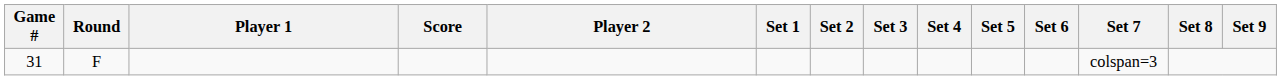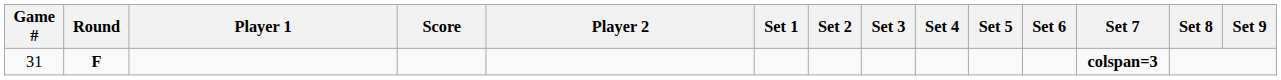 <table class="wikitable">
 <tr>
 <th width="2%">Game #</th>
 <th width="2%">Round</th>
 <th width="15%">Player 1</th>
 <th width="5%">Score</th>
 <th width="15%">Player 2</th>
 <th width="3%">Set 1</th>
 <th width="3%">Set 2</th>
 <th width="3%">Set 3</th>
 <th width="3%">Set 4</th>
 <th width="3%">Set 5</th>
 <th width="3%">Set 6</th>
 <th width="3%">Set 7</th>
 <th width="3%">Set 8</th>
 <th width="3%">Set 9</th>
 </tr>
 <tr style=text-align:center;>
 <td>31</td>
-<td>F</td>
+<td><strong>F</strong></td>
 <td></td>
 <td></td>
 <td><strong></strong></td>
 <td></td>
 <td></td>
 <td></td>
 <td></td>
 <td></td>
 <td></td>
-<td>colspan=3</td>
+<td><strong>colspan=3</strong></td>
 </tr>
 </table>
